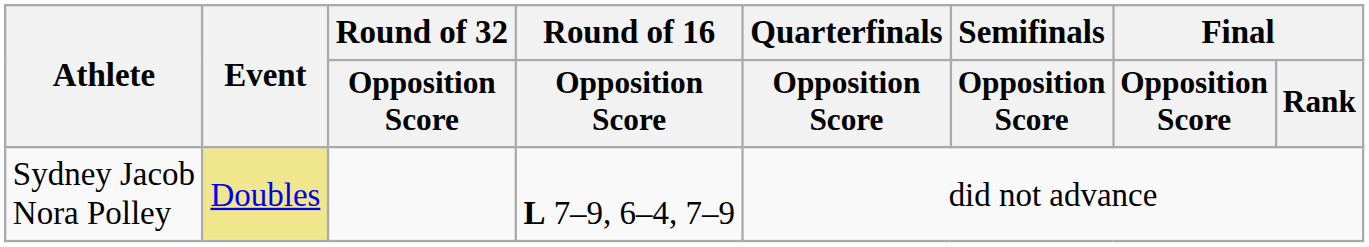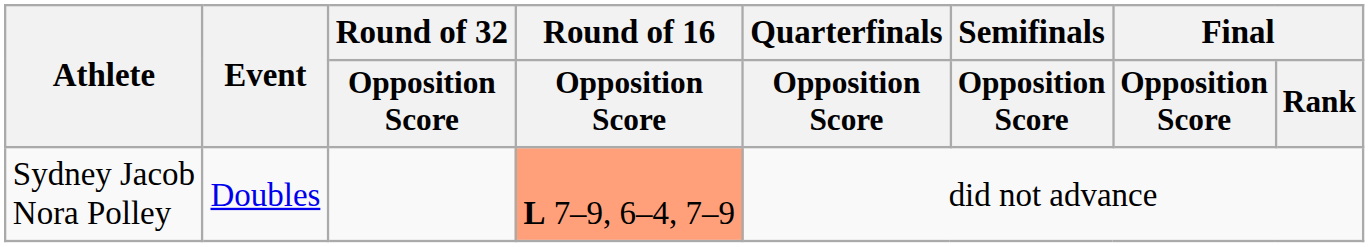 <table class=wikitable style="font-size:90%">
 <tr>
 <th rowspan=2>Athlete</th>
 <th rowspan=2>Event</th>
 <th>Round of 32</th>
 <th>Round of 16</th>
 <th>Quarterfinals</th>
 <th>Semifinals</th>
 <th colspan=2>Final</th>
 </tr>
 <tr style="font-size:95%">
 <th>Opposition<br>Score</th>
 <th>Opposition<br>Score</th>
 <th>Opposition<br>Score</th>
 <th>Opposition<br>Score</th>
 <th>Opposition<br>Score</th>
 <th>Rank</th>
 </tr>
 <tr align=center>
 <td align=left>Sydney Jacob <br> Nora Polley</td>
-<td align=left style="background: khaki;"><a href='#'>Doubles</a></td>
+<td align=left><a href='#'>Doubles</a></td>
 <td></td>
-<td> <br> <strong>L</strong> 7–9, 6–4, 7–9</td>
+<td style="background: lightsalmon;"> <br> <strong>L</strong> 7–9, 6–4, 7–9</td>
 <td colspan=4>did not advance</td>
 </tr>
 </table>
